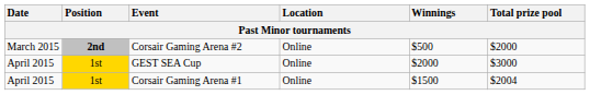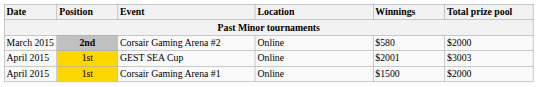 <table class = "wikitable">
 <tr>
 <th style="text-align:left; width:5%;">Date</th>
 <th style="text-align:left; width:5%;">Position</th>
 <th style="text-align:left; width:14%;">Event</th>
 <th style="text-align:left; width:12%;">Location</th>
 <th style="text-align:left; width:6%;">Winnings</th>
 <th style="text-align:left; width:9%;">Total prize pool</th>
 </tr>
 <tr>
 <th style="align: center;" colspan="7"><strong>Past Minor tournaments</strong></th>
 </tr>
 <tr>
 <td>March 2015</td>
 <td style="text-align:center; background:silver"><strong>2nd</strong></td>
 <td>Corsair Gaming Arena #2</td>
 <td>Online</td>
-<td>$500</td>
+<td>$580</td>
 <td>$2000</td>
 </tr>
 <tr>
 <td>April 2015</td>
 <td style="text-align:center; background:gold">1st</td>
 <td>GEST SEA Cup</td>
 <td>Online</td>
-<td>$2000</td>
-<td>$3000</td>
+<td>$2001</td>
+<td>$3003</td>
 </tr>
 <tr>
 <td>April 2015</td>
 <td style="text-align:center; background:gold">1st</td>
 <td>Corsair Gaming Arena #1</td>
 <td>Online</td>
 <td>$1500</td>
-<td>$2004</td>
+<td>$2000</td>
 </tr>
 </table>
